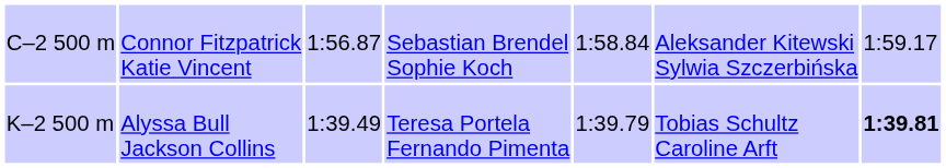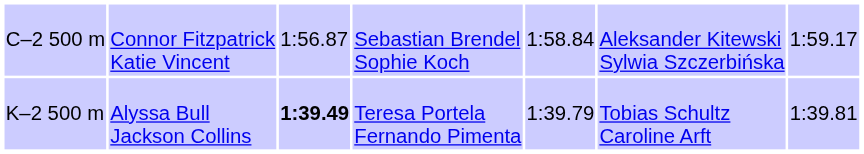 <table>
 <tr bgcolor=ccccff>
 <td>C–2 500 m<br></td>
 <td><br><a href='#'>Connor Fitzpatrick</a><br><a href='#'>Katie Vincent</a></td>
 <td>1:56.87</td>
 <td><br><a href='#'>Sebastian Brendel</a><br><a href='#'>Sophie Koch</a></td>
 <td>1:58.84</td>
 <td><br><a href='#'>Aleksander Kitewski</a><br><a href='#'>Sylwia Szczerbińska</a></td>
 <td>1:59.17</td>
 </tr>
 <tr bgcolor=ccccff>
 <td>K–2 500 m<br></td>
 <td><br><a href='#'>Alyssa Bull</a><br><a href='#'>Jackson Collins</a></td>
-<td>1:39.49</td>
+<td><strong>1:39.49</strong></td>
 <td><br><a href='#'>Teresa Portela</a><br><a href='#'>Fernando Pimenta</a></td>
 <td>1:39.79</td>
 <td><br><a href='#'>Tobias Schultz</a><br><a href='#'>Caroline Arft</a></td>
-<td><strong>1:39.81</strong></td>
+<td>1:39.81</td>
 </tr>
 </table>
